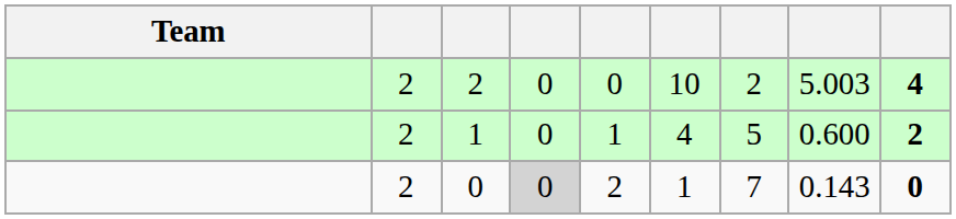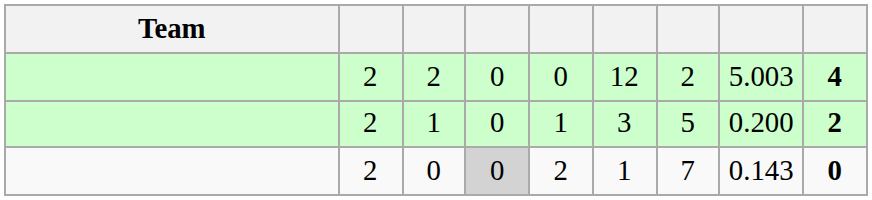 <table class="wikitable" style="text-align: center; font-size:90% ">
 <tr>
 <th width=160>Team</th>
 <th width=25></th>
 <th width=25></th>
 <th width=25></th>
 <th width=25></th>
 <th width=25></th>
 <th width=25></th>
 <th width=35></th>
 <th width=25></th>
 </tr>
 <tr bgcolor=ccffcc>
 <td align=left></td>
 <td>2</td>
 <td>2</td>
 <td>0</td>
 <td>0</td>
-<td>10</td>
+<td>12</td>
 <td>2</td>
 <td>5.003</td>
 <td><strong>4</strong></td>
 </tr>
 <tr bgcolor=ccffcc>
 <td align=left></td>
 <td>2</td>
 <td>1</td>
 <td>0</td>
 <td>1</td>
-<td>4</td>
+<td>3</td>
 <td>5</td>
-<td>0.600</td>
+<td>0.200</td>
 <td><strong>2</strong></td>
 </tr>
 <tr>
 <td align=left></td>
 <td>2</td>
 <td>0</td>
 <td style="background: lightgrey;">0</td>
 <td>2</td>
 <td>1</td>
 <td>7</td>
 <td>0.143</td>
 <td><strong>0</strong></td>
 </tr>
 </table>
